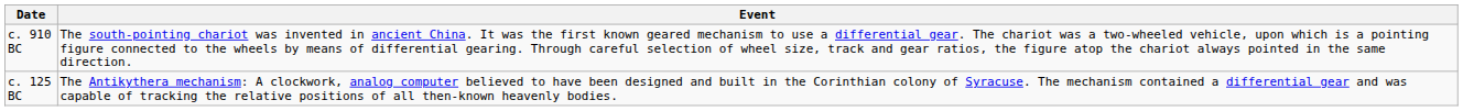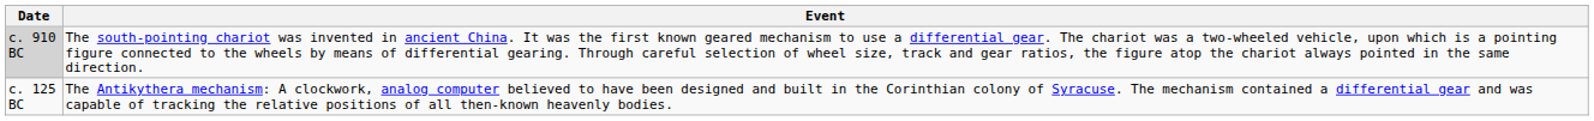 <table class="wikitable">
 <tr>
 <th>Date</th>
 <th class="unsortable">Event</th>
 </tr>
 <tr valign="top">
-<td>c. 910 BC</td>
+<td style="background: lightgrey;">c. 910 BC</td>
 <td>The <a href='#'>south-pointing chariot</a> was invented in <a href='#'>ancient China</a>. It was the first known geared mechanism to use a <a href='#'>differential gear</a>. The chariot was a two-wheeled vehicle, upon which is a pointing figure connected to the wheels by means of differential gearing. Through careful selection of wheel size, track and gear ratios, the figure atop the chariot always pointed in the same direction.</td>
 </tr>
 <tr valign="top">
 <td>c. 125 BC</td>
 <td>The <a href='#'>Antikythera mechanism</a>: A clockwork, <a href='#'>analog computer</a> believed to have been designed and built in the Corinthian colony of <a href='#'>Syracuse</a>. The mechanism contained a <a href='#'>differential gear</a> and was capable of tracking the relative positions of all then-known heavenly bodies.</td>
 </tr>
 </table>
